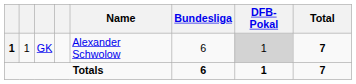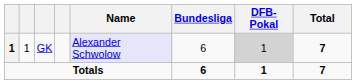 <table class="wikitable" style="text-align:center">
 <tr>
 <th width=15></th>
 <th width=15></th>
 <th width=15></th>
 <th width=15></th>
 <th width=145>Name</th>
 <th width=80><strong><a href='#'>Bundesliga</a></strong></th>
 <th width=80><strong><a href='#'>DFB-Pokal</a></strong></th>
 <th width=80>Total</th>
 </tr>
 <tr>
 <th>1</th>
 <td>1</td>
 <td><a href='#'>GK</a></td>
 <td></td>
-<td align=left><a href='#'>Alexander Schwolow</a></td>
+<td align=left style="background: lavender;"><a href='#'>Alexander Schwolow</a></td>
 <td>6</td>
 <td style="background: lightgrey;">1</td>
 <td><strong>7</strong></td>
 </tr>
 <tr>
 <td colspan=5><strong>Totals</strong></td>
 <td><strong>6</strong></td>
 <td><strong>1</strong></td>
 <td><strong>7</strong></td>
 </tr>
 </table>
